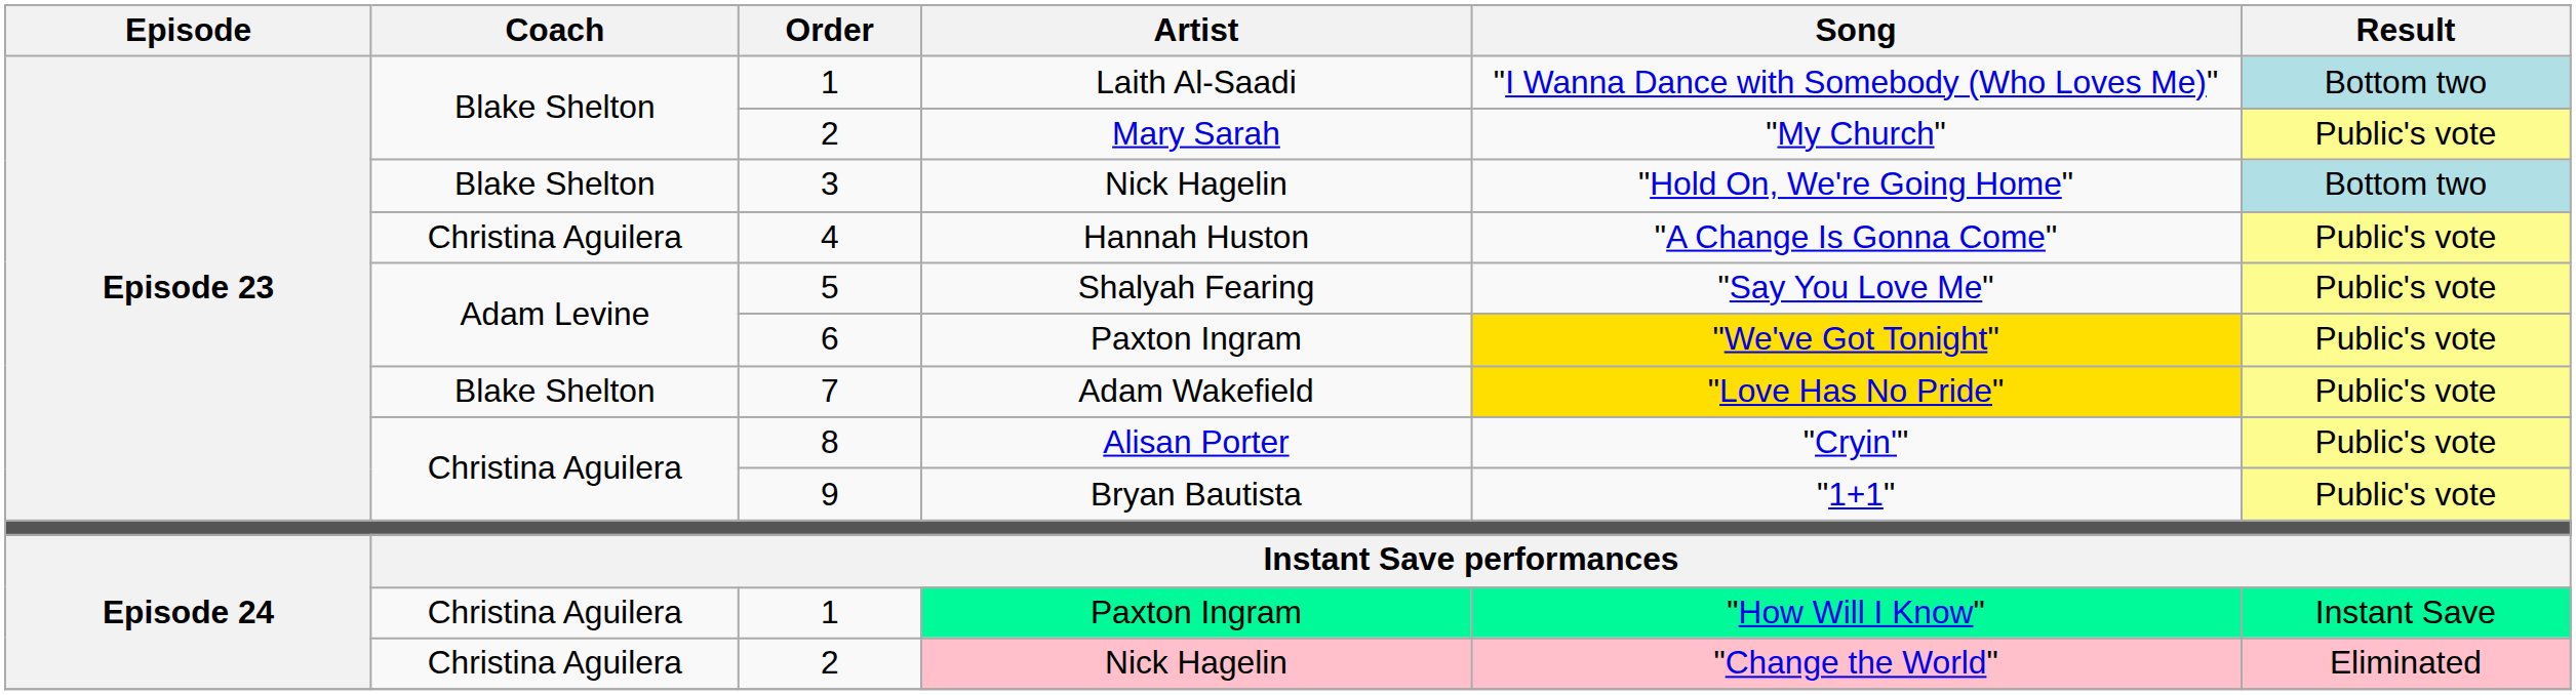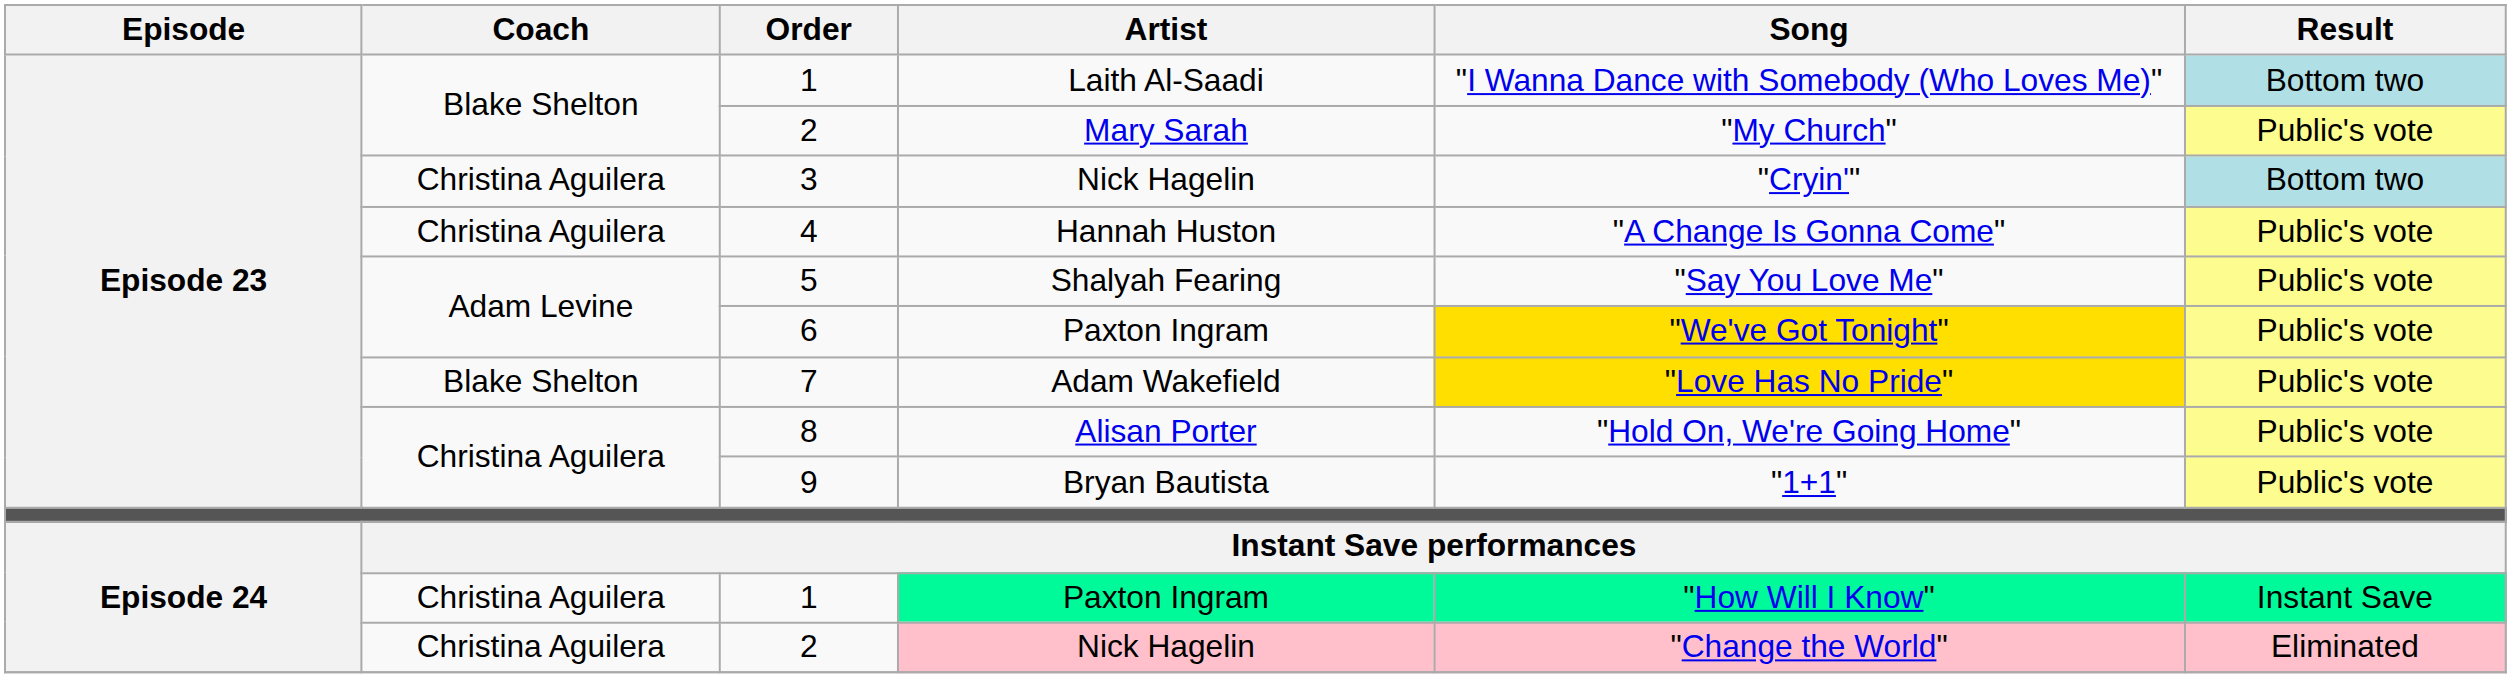 <table class="wikitable" style="text-align:center; width:100%;">
 <tr>
 <th style="width:10%;">Episode</th>
 <th style="width:10%;">Coach</th>
 <th style="width:05%;">Order</th>
 <th style="width:15%;">Artist</th>
 <th style="width:21%;">Song</th>
 <th style="width:9%;">Result</th>
 </tr>
 <tr>
 <th rowspan="9" scope="row">Episode 23<br><small></small></th>
 <td rowspan="2">Blake Shelton</td>
 <td>1</td>
 <td>Laith Al-Saadi</td>
 <td>"<a href='#'>I Wanna Dance with Somebody (Who Loves Me)</a>"</td>
 <td style="background:#B0E0E6;">Bottom two</td>
 </tr>
 <tr>
 <td>2</td>
 <td><a href='#'>Mary Sarah</a></td>
 <td>"<a href='#'>My Church</a>"</td>
 <td style="background:#fdfc8f;">Public's vote</td>
 </tr>
 <tr>
-<td>Blake Shelton</td>
+<td>Christina Aguilera</td>
 <td>3</td>
 <td>Nick Hagelin</td>
-<td>"<a href='#'>Hold On, We're Going Home</a>"</td>
+<td>"<a href='#'>Cryin'</a>"</td>
 <td style="background:#B0E0E6;">Bottom two</td>
 </tr>
 <tr>
 <td>Christina Aguilera</td>
 <td>4</td>
 <td>Hannah Huston</td>
 <td>"<a href='#'>A Change Is Gonna Come</a>"</td>
 <td style="background:#fdfc8f;">Public's vote</td>
 </tr>
 <tr>
 <td rowspan="2">Adam Levine</td>
 <td>5</td>
 <td>Shalyah Fearing</td>
 <td>"<a href='#'>Say You Love Me</a>"</td>
 <td style="background:#fdfc8f;">Public's vote</td>
 </tr>
 <tr>
 <td>6</td>
 <td>Paxton Ingram</td>
 <td style="background:#fedf00;">"<a href='#'>We've Got Tonight</a>"</td>
 <td style="background:#fdfc8f;">Public's vote</td>
 </tr>
 <tr>
 <td>Blake Shelton</td>
 <td>7</td>
 <td>Adam Wakefield</td>
 <td style="background:#fedf00;">"<a href='#'>Love Has No Pride</a>"</td>
 <td style="background:#fdfc8f;">Public's vote</td>
 </tr>
 <tr>
 <td rowspan="2">Christina Aguilera</td>
 <td>8</td>
 <td><a href='#'>Alisan Porter</a></td>
-<td>"<a href='#'>Cryin'</a>"</td>
+<td>"<a href='#'>Hold On, We're Going Home</a>"</td>
 <td style="background:#fdfc8f;">Public's vote</td>
 </tr>
 <tr>
 <td>9</td>
 <td>Bryan Bautista</td>
 <td>"<a href='#'>1+1</a>"</td>
 <td style="background:#fdfc8f;">Public's vote</td>
 </tr>
 <tr>
 <td colspan="6" style="background:#555;"></td>
 </tr>
 <tr>
 <th rowspan="4" scope="row">Episode 24<br><small></small></th>
 </tr>
 <tr>
 <th colspan="5">Instant Save performances</th>
 </tr>
 <tr>
 <td>Christina Aguilera</td>
 <td>1</td>
 <td style="background:#00FA9A;">Paxton Ingram</td>
 <td style="background:#00FA9A;">"<a href='#'>How Will I Know</a>"</td>
 <td style="background:#00FA9A;">Instant Save</td>
 </tr>
 <tr>
 <td>Christina Aguilera</td>
 <td>2</td>
 <td style="background:Pink;">Nick Hagelin</td>
 <td style="background:Pink;">"<a href='#'>Change the World</a>"</td>
 <td style="background:Pink;">Eliminated</td>
 </tr>
 <tr>
 </tr>
 </table>
